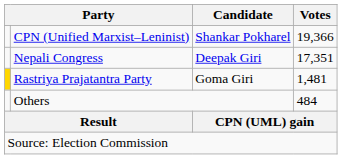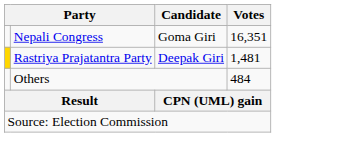 <table class="wikitable">
 <tr>
 <th colspan="2">Party</th>
 <th>Candidate</th>
 <th>Votes</th>
 </tr>
 <tr>
 <td style="background-color:"></td>
-<td><a href='#'>CPN (Unified Marxist–Leninist)</a></td>
-<td><a href='#'>Shankar Pokharel</a></td>
-<td>19,366</td>
-</tr>
-<tr>
-<td style="background-color:"></td>
 <td><a href='#'>Nepali Congress</a></td>
-<td><a href='#'>Deepak Giri</a></td>
-<td>17,351</td>
+<td>Goma Giri</td>
+<td>16,351</td>
 </tr>
 <tr>
 <td style="background-color:gold"></td>
 <td><a href='#'>Rastriya Prajatantra Party</a></td>
-<td>Goma Giri</td>
+<td><a href='#'>Deepak Giri</a></td>
 <td>1,481</td>
 </tr>
 <tr>
 <td></td>
 <td colspan="2">Others</td>
 <td>484</td>
 </tr>
 <tr>
 <th colspan="2">Result</th>
 <th colspan="2">CPN (UML) gain</th>
 </tr>
 <tr>
 <td colspan="4">Source: Election Commission</td>
 </tr>
 </table>
